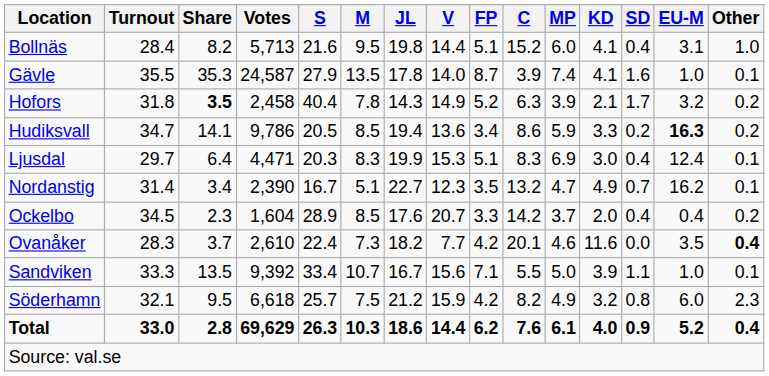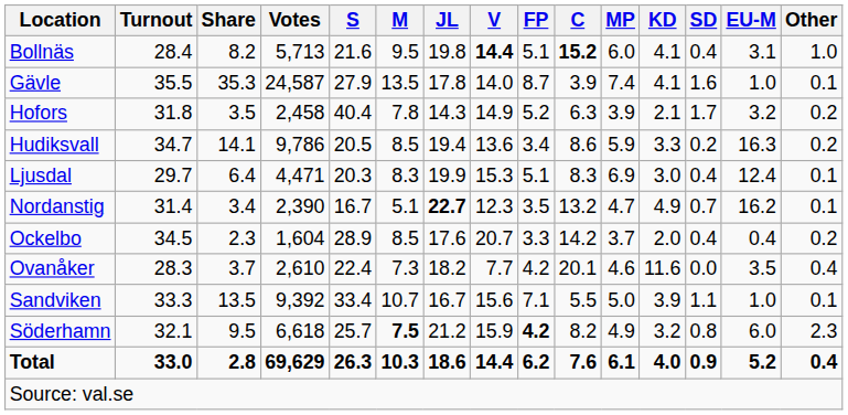 <table class="wikitable sortable" style=text-align:right>
 <tr>
 <th>Location</th>
 <th>Turnout</th>
 <th>Share</th>
 <th>Votes</th>
 <th><a href='#'>S</a></th>
 <th><a href='#'>M</a></th>
 <th><a href='#'>JL</a></th>
 <th><a href='#'>V</a></th>
 <th><a href='#'>FP</a></th>
 <th><a href='#'>C</a></th>
 <th><a href='#'>MP</a></th>
 <th><a href='#'>KD</a></th>
 <th><a href='#'>SD</a></th>
 <th><a href='#'>EU-M</a></th>
 <th>Other</th>
 </tr>
 <tr>
 <td align=left><a href='#'>Bollnäs</a></td>
 <td>28.4</td>
 <td>8.2</td>
 <td>5,713</td>
 <td>21.6</td>
 <td>9.5</td>
 <td>19.8</td>
-<td>14.4</td>
+<td><strong>14.4</strong></td>
 <td>5.1</td>
-<td>15.2</td>
+<td><strong>15.2</strong></td>
 <td>6.0</td>
 <td>4.1</td>
 <td>0.4</td>
 <td>3.1</td>
 <td>1.0</td>
 </tr>
 <tr>
 <td align=left><a href='#'>Gävle</a></td>
 <td>35.5</td>
 <td>35.3</td>
 <td>24,587</td>
 <td>27.9</td>
 <td>13.5</td>
 <td>17.8</td>
 <td>14.0</td>
 <td>8.7</td>
 <td>3.9</td>
 <td>7.4</td>
 <td>4.1</td>
 <td>1.6</td>
 <td>1.0</td>
 <td>0.1</td>
 </tr>
 <tr>
 <td align=left><a href='#'>Hofors</a></td>
 <td>31.8</td>
-<td><strong>3.5</strong></td>
+<td>3.5</td>
 <td>2,458</td>
 <td>40.4</td>
 <td>7.8</td>
 <td>14.3</td>
 <td>14.9</td>
 <td>5.2</td>
 <td>6.3</td>
 <td>3.9</td>
 <td>2.1</td>
 <td>1.7</td>
 <td>3.2</td>
 <td>0.2</td>
 </tr>
 <tr>
 <td align=left><a href='#'>Hudiksvall</a></td>
 <td>34.7</td>
 <td>14.1</td>
 <td>9,786</td>
 <td>20.5</td>
 <td>8.5</td>
 <td>19.4</td>
 <td>13.6</td>
 <td>3.4</td>
 <td>8.6</td>
 <td>5.9</td>
 <td>3.3</td>
 <td>0.2</td>
-<td><strong>16.3</strong></td>
+<td>16.3</td>
 <td>0.2</td>
 </tr>
 <tr>
 <td align=left><a href='#'>Ljusdal</a></td>
 <td>29.7</td>
 <td>6.4</td>
 <td>4,471</td>
 <td>20.3</td>
 <td>8.3</td>
 <td>19.9</td>
 <td>15.3</td>
 <td>5.1</td>
 <td>8.3</td>
 <td>6.9</td>
 <td>3.0</td>
 <td>0.4</td>
 <td>12.4</td>
 <td>0.1</td>
 </tr>
 <tr>
 <td align=left><a href='#'>Nordanstig</a></td>
 <td>31.4</td>
 <td>3.4</td>
 <td>2,390</td>
 <td>16.7</td>
 <td>5.1</td>
-<td>22.7</td>
+<td><strong>22.7</strong></td>
 <td>12.3</td>
 <td>3.5</td>
 <td>13.2</td>
 <td>4.7</td>
 <td>4.9</td>
 <td>0.7</td>
 <td>16.2</td>
 <td>0.1</td>
 </tr>
 <tr>
 <td align=left><a href='#'>Ockelbo</a></td>
 <td>34.5</td>
 <td>2.3</td>
 <td>1,604</td>
 <td>28.9</td>
 <td>8.5</td>
 <td>17.6</td>
 <td>20.7</td>
 <td>3.3</td>
 <td>14.2</td>
 <td>3.7</td>
 <td>2.0</td>
 <td>0.4</td>
 <td>0.4</td>
 <td>0.2</td>
 </tr>
 <tr>
 <td align=left><a href='#'>Ovanåker</a></td>
 <td>28.3</td>
 <td>3.7</td>
 <td>2,610</td>
 <td>22.4</td>
 <td>7.3</td>
 <td>18.2</td>
 <td>7.7</td>
 <td>4.2</td>
 <td>20.1</td>
 <td>4.6</td>
 <td>11.6</td>
 <td>0.0</td>
 <td>3.5</td>
-<td><strong>0.4</strong></td>
+<td>0.4</td>
 </tr>
 <tr>
 <td align=left><a href='#'>Sandviken</a></td>
 <td>33.3</td>
 <td>13.5</td>
 <td>9,392</td>
 <td>33.4</td>
 <td>10.7</td>
 <td>16.7</td>
 <td>15.6</td>
 <td>7.1</td>
 <td>5.5</td>
 <td>5.0</td>
 <td>3.9</td>
 <td>1.1</td>
 <td>1.0</td>
 <td>0.1</td>
 </tr>
 <tr>
 <td align=left><a href='#'>Söderhamn</a></td>
 <td>32.1</td>
 <td>9.5</td>
 <td>6,618</td>
 <td>25.7</td>
-<td>7.5</td>
+<td><strong>7.5</strong></td>
 <td>21.2</td>
 <td>15.9</td>
-<td>4.2</td>
+<td><strong>4.2</strong></td>
 <td>8.2</td>
 <td>4.9</td>
 <td>3.2</td>
 <td>0.8</td>
 <td>6.0</td>
 <td>2.3</td>
 </tr>
 <tr>
 <td align=left><strong>Total</strong></td>
 <td><strong>33.0</strong></td>
 <td><strong>2.8</strong></td>
 <td><strong>69,629</strong></td>
 <td><strong>26.3</strong></td>
 <td><strong>10.3</strong></td>
 <td><strong>18.6</strong></td>
 <td><strong>14.4</strong></td>
 <td><strong>6.2</strong></td>
 <td><strong>7.6</strong></td>
 <td><strong>6.1</strong></td>
 <td><strong>4.0</strong></td>
 <td><strong>0.9</strong></td>
 <td><strong>5.2</strong></td>
 <td><strong>0.4</strong></td>
 </tr>
 <tr>
 <td align=left colspan=15>Source: val.se </td>
 </tr>
 </table>
